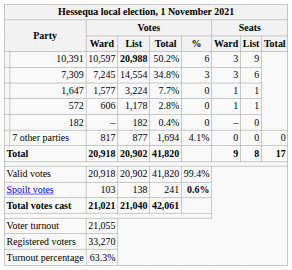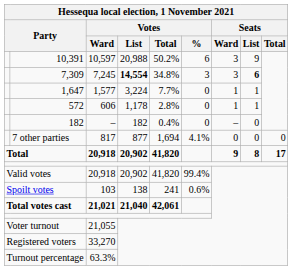 <table class=wikitable style="text-align:right">
 <tr>
 <th colspan="9" align="center">Hessequa local election, 1 November 2021</th>
 </tr>
 <tr>
 <th rowspan="2" colspan="2">Party</th>
 <th colspan="4" align="center">Votes</th>
 <th colspan="3" align="center">Seats</th>
 </tr>
 <tr>
 <th>Ward</th>
 <th>List</th>
 <th>Total</th>
 <th>%</th>
 <th>Ward</th>
 <th>List</th>
 <th>Total</th>
 </tr>
 <tr>
 <td></td>
 <td>10,391</td>
 <td>10,597</td>
-<td><strong>20,988</strong></td>
+<td>20,988</td>
 <td>50.2%</td>
 <td>6</td>
 <td>3</td>
 <td>9</td>
 </tr>
 <tr>
 <td></td>
 <td>7,309</td>
 <td>7,245</td>
-<td>14,554</td>
+<td><strong>14,554</strong></td>
 <td>34.8%</td>
 <td>3</td>
 <td>3</td>
-<td>6</td>
+<td><strong>6</strong></td>
 </tr>
 <tr>
 <td></td>
 <td>1,647</td>
 <td>1,577</td>
 <td>3,224</td>
 <td>7.7%</td>
 <td>0</td>
 <td>1</td>
 <td>1</td>
 </tr>
 <tr>
 <td></td>
 <td>572</td>
 <td>606</td>
 <td>1,178</td>
 <td>2.8%</td>
 <td>0</td>
 <td>1</td>
 <td>1</td>
 </tr>
 <tr>
 <td></td>
 <td>182</td>
 <td>–</td>
 <td>182</td>
 <td>0.4%</td>
 <td>0</td>
 <td>–</td>
 <td>0</td>
 </tr>
 <tr>
 <td></td>
 <td style="text-align:left">7 other parties</td>
 <td>817</td>
 <td>877</td>
 <td>1,694</td>
 <td>4.1%</td>
 <td>0</td>
 <td>0</td>
 <td>0</td>
 </tr>
 <tr>
 <td colspan="2" style="text-align:left"><strong>Total</strong></td>
 <td><strong>20,918</strong></td>
 <td><strong>20,902</strong></td>
 <td><strong>41,820</strong></td>
 <td></td>
 <td><strong>9</strong></td>
 <td><strong>8</strong></td>
 <td><strong>17</strong></td>
 </tr>
 <tr>
 <td colspan="9"></td>
 </tr>
 <tr>
 <td colspan="2" style="text-align:left">Valid votes</td>
 <td>20,918</td>
 <td>20,902</td>
 <td>41,820</td>
 <td>99.4%</td>
 </tr>
 <tr>
 <td colspan="2" style="text-align:left"><a href='#'>Spoilt votes</a></td>
 <td>103</td>
 <td>138</td>
 <td>241</td>
-<td><strong>0.6%</strong></td>
+<td>0.6%</td>
 </tr>
 <tr>
 <td colspan="2" style="text-align:left"><strong>Total votes cast</strong></td>
 <td><strong>21,021</strong></td>
 <td><strong>21,040</strong></td>
 <td><strong>42,061</strong></td>
 <td></td>
 </tr>
 <tr>
 <td colspan="6"></td>
 </tr>
 <tr>
 <td colspan="2" style="text-align:left">Voter turnout</td>
 <td>21,055</td>
 </tr>
 <tr>
 <td colspan="2" style="text-align:left">Registered voters</td>
 <td>33,270</td>
 </tr>
 <tr>
 <td colspan="2" style="text-align:left">Turnout percentage</td>
 <td>63.3%</td>
 </tr>
 </table>
